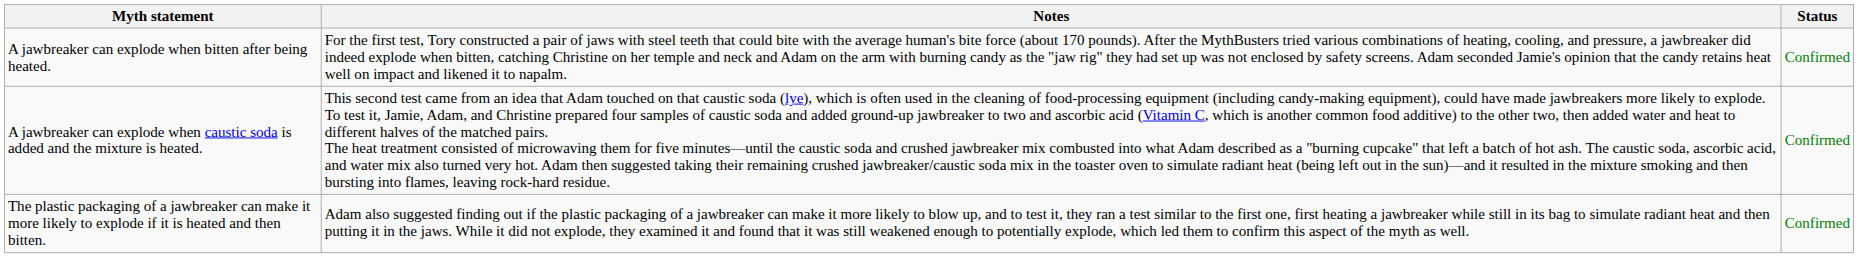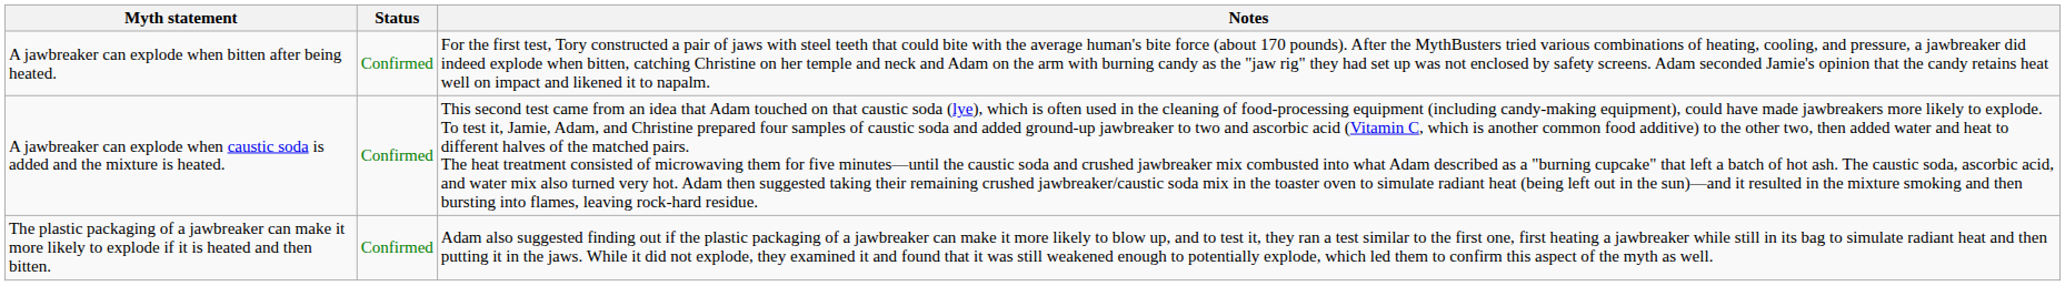 <table class="wikitable plainrowheaders">
 <tr>
 <th>Myth statement</th>
+<th>Status</th>
 <th>Notes</th>
-<th>Status</th>
 </tr>
 <tr>
 <td>A jawbreaker can explode when bitten after being heated.</td>
+<td style="color:green">Confirmed</td>
 <td>For the first test, Tory constructed a pair of jaws with steel teeth that could bite with the average human's bite force (about 170 pounds). After the MythBusters tried various combinations of heating, cooling, and pressure, a jawbreaker did indeed explode when bitten, catching Christine on her temple and neck and Adam on the arm with burning candy as the "jaw rig" they had set up was not enclosed by safety screens. Adam seconded Jamie's opinion that the candy retains heat well on impact and likened it to napalm.</td>
-<td style="color:green">Confirmed</td>
 </tr>
 <tr>
 <td>A jawbreaker can explode when <a href='#'>caustic soda</a> is added and the mixture is heated.</td>
+<td style="color:green">Confirmed</td>
 <td>This second test came from an idea that Adam touched on that caustic soda (<a href='#'>lye</a>), which is often used in the cleaning of food-processing equipment (including candy-making equipment), could have made jawbreakers more likely to explode. To test it, Jamie, Adam, and Christine prepared four samples of caustic soda and added ground-up jawbreaker to two and ascorbic acid (<a href='#'>Vitamin C</a>, which is another common food additive) to the other two, then added water and heat to different halves of the matched pairs.<br>The heat treatment consisted of microwaving them for five minutes—until the caustic soda and crushed jawbreaker mix combusted into what Adam described as a "burning cupcake" that left a batch of hot ash. The caustic soda, ascorbic acid, and water mix also turned very hot. Adam then suggested taking their remaining crushed jawbreaker/caustic soda mix in the toaster oven to simulate radiant heat (being left out in the sun)—and it resulted in the mixture smoking and then bursting into flames, leaving rock-hard residue.</td>
-<td style="color:green">Confirmed</td>
 </tr>
 <tr>
 <td>The plastic packaging of a jawbreaker can make it more likely to explode if it is heated and then bitten.</td>
+<td style="color:green">Confirmed</td>
 <td>Adam also suggested finding out if the plastic packaging of a jawbreaker can make it more likely to blow up, and to test it, they ran a test similar to the first one, first heating a jawbreaker while still in its bag to simulate radiant heat and then putting it in the jaws. While it did not explode, they examined it and found that it was still weakened enough to potentially explode, which led them to confirm this aspect of the myth as well.</td>
-<td style="color:green">Confirmed</td>
 </tr>
 </table>
